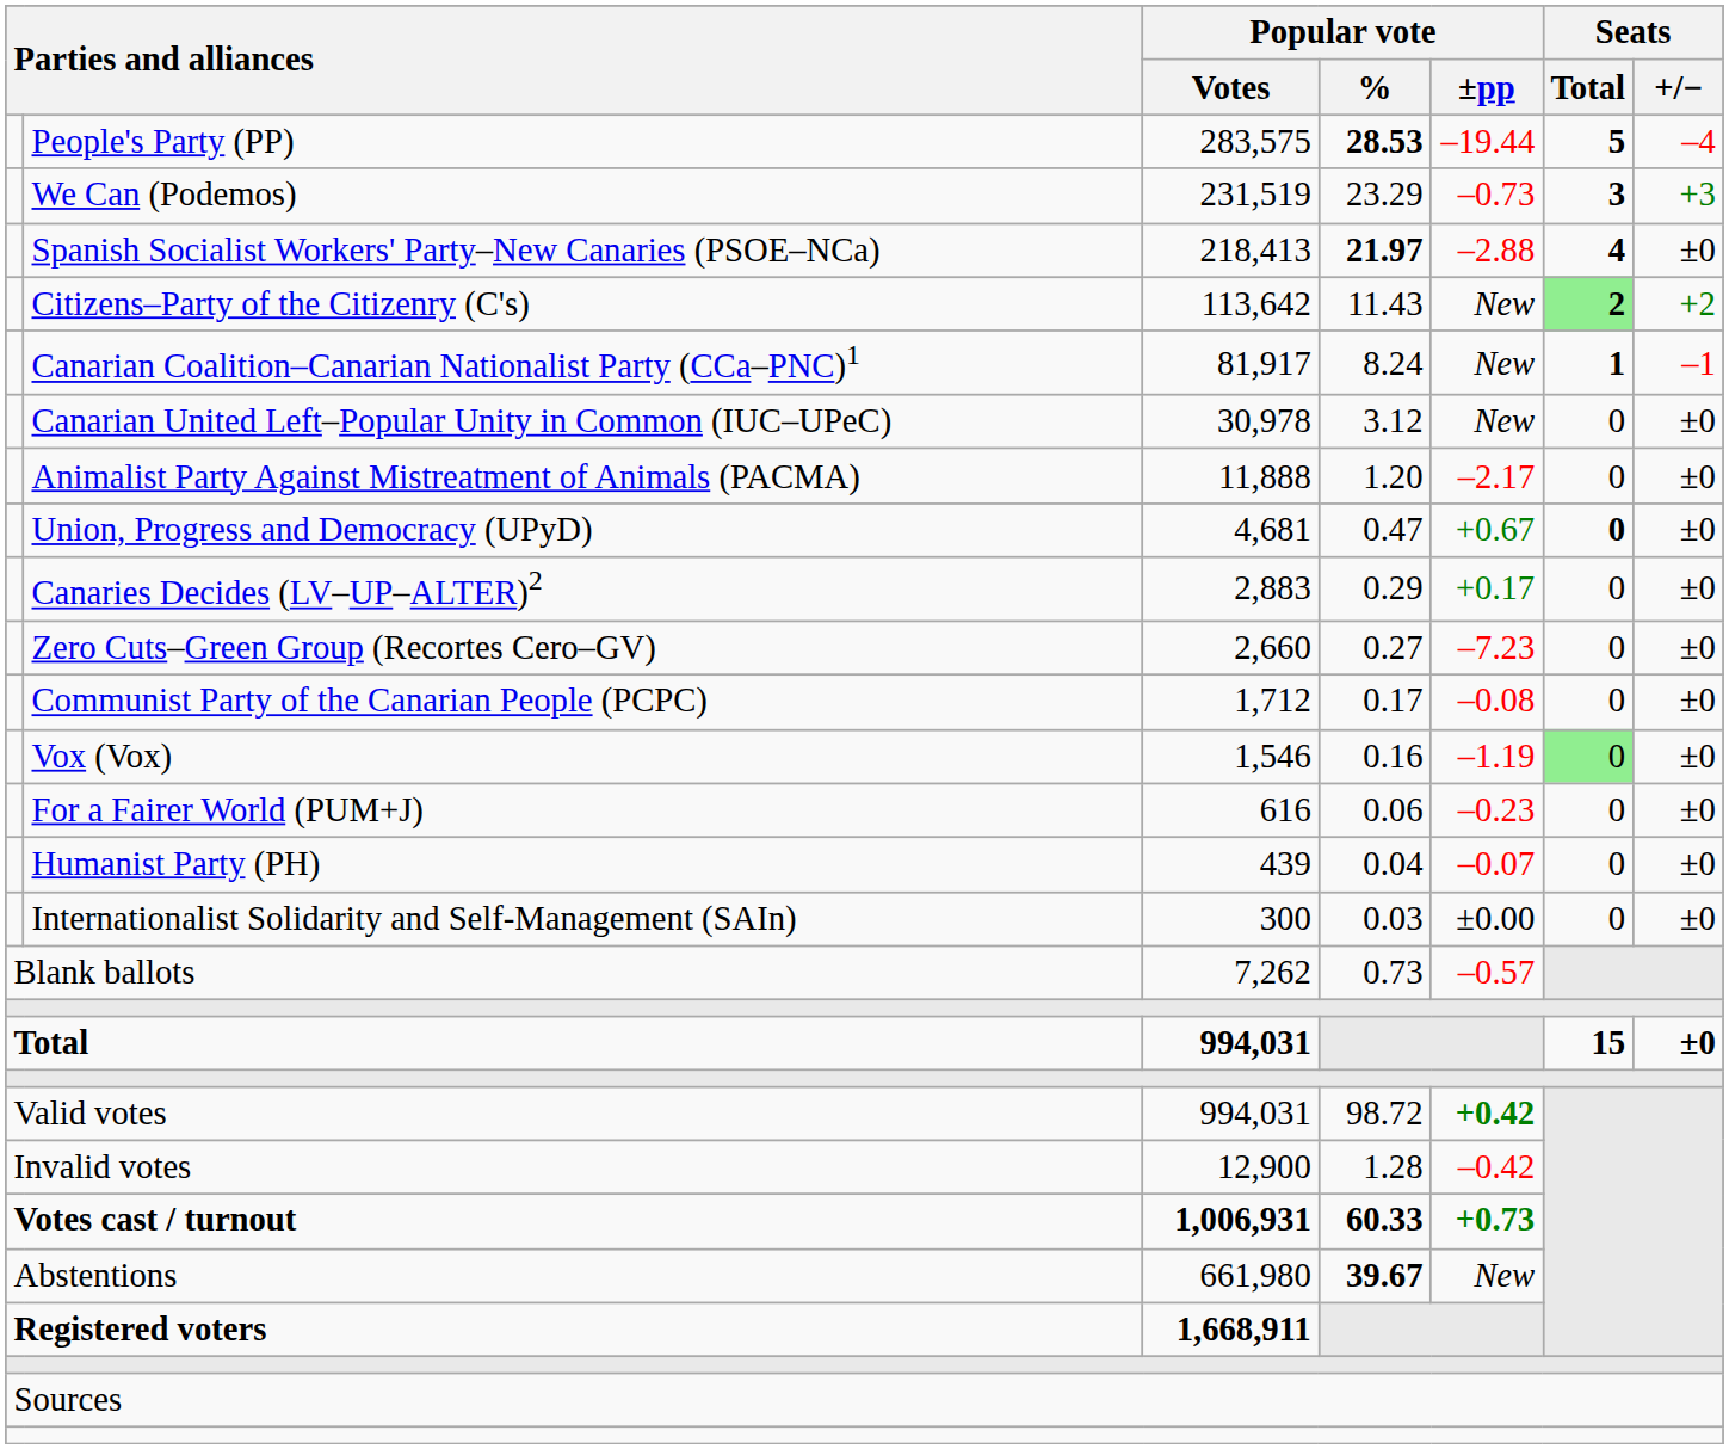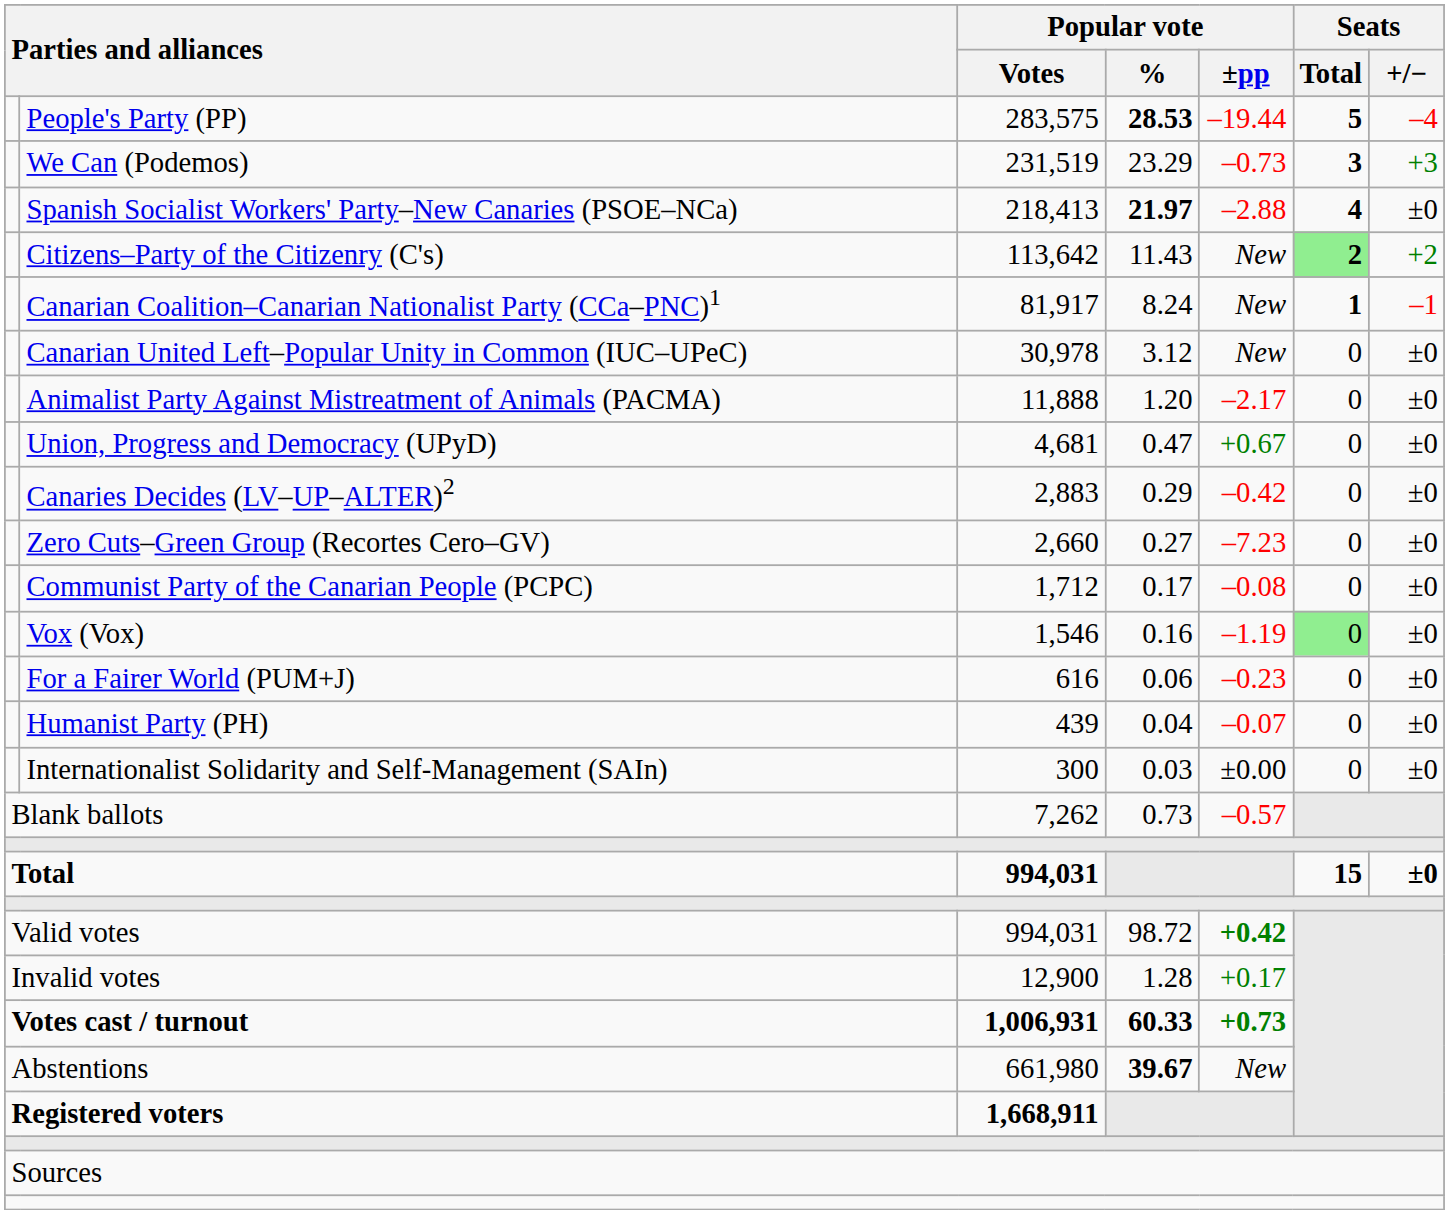 <table class="wikitable" style="text-align:right;">
 <tr>
 <th style="text-align:left;" rowspan="2" colspan="2" width="525">Parties and alliances</th>
 <th colspan="3">Popular vote</th>
 <th colspan="2">Seats</th>
 </tr>
 <tr>
 <th width="75">Votes</th>
 <th width="45">%</th>
 <th width="45">±<a href='#'>pp</a></th>
 <th width="35">Total</th>
 <th width="35">+/−</th>
 </tr>
 <tr>
 <td width="1" style="color:inherit;background:"></td>
 <td align="left"><a href='#'>People's Party</a> (PP)</td>
 <td>283,575</td>
 <td><strong>28.53</strong></td>
 <td style="color:red;">–19.44</td>
 <td><strong>5</strong></td>
 <td style="color:red;">–4</td>
 </tr>
 <tr>
 <td style="color:inherit;background:"></td>
 <td align="left"><a href='#'>We Can</a> (Podemos)</td>
 <td>231,519</td>
 <td>23.29</td>
 <td style="color:red;">–0.73</td>
 <td><strong>3</strong></td>
 <td style="color:green;">+3</td>
 </tr>
 <tr>
 <td style="color:inherit;background:"></td>
 <td align="left"><a href='#'>Spanish Socialist Workers' Party</a>–<a href='#'>New Canaries</a> (PSOE–NCa)</td>
 <td>218,413</td>
 <td><strong>21.97</strong></td>
 <td style="color:red;">–2.88</td>
 <td><strong>4</strong></td>
 <td>±0</td>
 </tr>
 <tr>
 <td style="color:inherit;background:"></td>
 <td align="left"><a href='#'>Citizens–Party of the Citizenry</a> (C's)</td>
 <td>113,642</td>
 <td>11.43</td>
 <td><em>New</em></td>
 <td style="background: lightgreen;"><strong>2</strong></td>
 <td style="color:green;">+2</td>
 </tr>
 <tr>
 <td style="color:inherit;background:"></td>
 <td align="left"><a href='#'>Canarian Coalition–Canarian Nationalist Party</a> (<a href='#'>CCa</a>–<a href='#'>PNC</a>)<sup>1</sup></td>
 <td>81,917</td>
 <td>8.24</td>
 <td><em>New</em></td>
 <td><strong>1</strong></td>
 <td style="color:red;">–1</td>
 </tr>
 <tr>
 <td style="color:inherit;background:"></td>
 <td align="left"><a href='#'>Canarian United Left</a>–<a href='#'>Popular Unity in Common</a> (IUC–UPeC)</td>
 <td>30,978</td>
 <td>3.12</td>
 <td><em>New</em></td>
 <td>0</td>
 <td>±0</td>
 </tr>
 <tr>
 <td style="color:inherit;background:"></td>
 <td align="left"><a href='#'>Animalist Party Against Mistreatment of Animals</a> (PACMA)</td>
 <td>11,888</td>
 <td>1.20</td>
 <td style="color:red;">–2.17</td>
 <td>0</td>
 <td>±0</td>
 </tr>
 <tr>
 <td style="color:inherit;background:"></td>
 <td align="left"><a href='#'>Union, Progress and Democracy</a> (UPyD)</td>
 <td>4,681</td>
 <td>0.47</td>
 <td style="color:green;">+0.67</td>
-<td><strong>0</strong></td>
+<td>0</td>
 <td>±0</td>
 </tr>
 <tr>
 <td style="color:inherit;background:"></td>
 <td align="left"><a href='#'>Canaries Decides</a> (<a href='#'>LV</a>–<a href='#'>UP</a>–<a href='#'>ALTER</a>)<sup>2</sup></td>
 <td>2,883</td>
 <td>0.29</td>
-<td style="color:green;">+0.17</td>
+<td style="color:red;">–0.42</td>
 <td>0</td>
 <td>±0</td>
 </tr>
 <tr>
 <td style="color:inherit;background:"></td>
 <td align="left"><a href='#'>Zero Cuts</a>–<a href='#'>Green Group</a> (Recortes Cero–GV)</td>
 <td>2,660</td>
 <td>0.27</td>
 <td style="color:red;">–7.23</td>
 <td>0</td>
 <td>±0</td>
 </tr>
 <tr>
 <td style="color:inherit;background:"></td>
 <td align="left"><a href='#'>Communist Party of the Canarian People</a> (PCPC)</td>
 <td>1,712</td>
 <td>0.17</td>
 <td style="color:red;">–0.08</td>
 <td>0</td>
 <td>±0</td>
 </tr>
 <tr>
 <td style="color:inherit;background:"></td>
 <td align="left"><a href='#'>Vox</a> (Vox)</td>
 <td>1,546</td>
 <td>0.16</td>
 <td style="color:red;">–1.19</td>
 <td style="background: lightgreen;">0</td>
 <td>±0</td>
 </tr>
 <tr>
 <td style="color:inherit;background:"></td>
 <td align="left"><a href='#'>For a Fairer World</a> (PUM+J)</td>
 <td>616</td>
 <td>0.06</td>
 <td style="color:red;">–0.23</td>
 <td>0</td>
 <td>±0</td>
 </tr>
 <tr>
 <td style="color:inherit;background:"></td>
 <td align="left"><a href='#'>Humanist Party</a> (PH)</td>
 <td>439</td>
 <td>0.04</td>
 <td style="color:red;">–0.07</td>
 <td>0</td>
 <td>±0</td>
 </tr>
 <tr>
 <td style="color:inherit;background:"></td>
 <td align="left">Internationalist Solidarity and Self-Management (SAIn)</td>
 <td>300</td>
 <td>0.03</td>
 <td>±0.00</td>
 <td>0</td>
 <td>±0</td>
 </tr>
 <tr>
 <td align="left" colspan="2">Blank ballots</td>
 <td>7,262</td>
 <td>0.73</td>
 <td style="color:red;">–0.57</td>
 <td bgcolor="#E9E9E9" colspan="2"></td>
 </tr>
 <tr>
 <td colspan="7" bgcolor="#E9E9E9"></td>
 </tr>
 <tr style="font-weight:bold;">
 <td align="left" colspan="2">Total</td>
 <td>994,031</td>
 <td bgcolor="#E9E9E9" colspan="2"></td>
 <td>15</td>
 <td>±0</td>
 </tr>
 <tr>
 <td colspan="7" bgcolor="#E9E9E9"></td>
 </tr>
 <tr>
 <td align="left" colspan="2">Valid votes</td>
 <td>994,031</td>
 <td>98.72</td>
 <td style="color:green;"><strong>+0.42</strong></td>
 <td bgcolor="#E9E9E9" colspan="2" rowspan="5"></td>
 </tr>
 <tr>
 <td align="left" colspan="2">Invalid votes</td>
 <td>12,900</td>
 <td>1.28</td>
-<td style="color:red;">–0.42</td>
+<td style="color:green;">+0.17</td>
 </tr>
 <tr style="font-weight:bold;">
 <td align="left" colspan="2">Votes cast / turnout</td>
 <td>1,006,931</td>
 <td>60.33</td>
 <td style="color:green;">+0.73</td>
 </tr>
 <tr>
 <td align="left" colspan="2">Abstentions</td>
 <td>661,980</td>
 <td><strong>39.67</strong></td>
 <td><em>New</em></td>
 </tr>
 <tr style="font-weight:bold;">
 <td align="left" colspan="2">Registered voters</td>
 <td>1,668,911</td>
 <td bgcolor="#E9E9E9" colspan="2"></td>
 </tr>
 <tr>
 <td colspan="7" bgcolor="#E9E9E9"></td>
 </tr>
 <tr>
 <td align="left" colspan="7">Sources</td>
 </tr>
 <tr>
 <td colspan="7" style="text-align:left; max-width:790px;"></td>
 </tr>
 </table>
